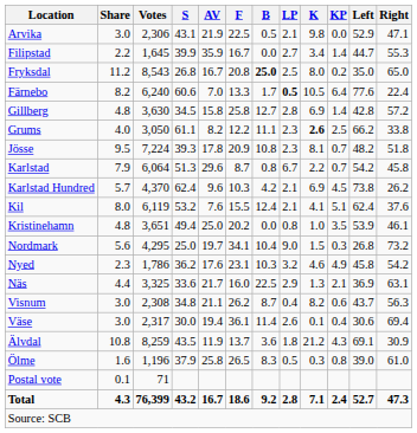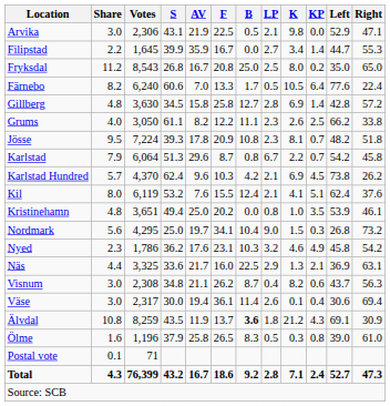 <table class="wikitable sortable" style=text-align:right>
 <tr>
 <th>Location</th>
 <th>Share</th>
 <th>Votes</th>
 <th><a href='#'>S</a></th>
 <th><a href='#'>AV</a></th>
 <th><a href='#'>F</a></th>
 <th><a href='#'>B</a></th>
 <th><a href='#'>LP</a></th>
 <th><a href='#'>K</a></th>
 <th><a href='#'>KP</a></th>
 <th>Left</th>
 <th>Right</th>
 </tr>
 <tr>
 <td align=left><a href='#'>Arvika</a></td>
 <td>3.0</td>
 <td>2,306</td>
 <td>43.1</td>
 <td>21.9</td>
 <td>22.5</td>
 <td>0.5</td>
 <td>2.1</td>
 <td>9.8</td>
 <td>0.0</td>
 <td>52.9</td>
 <td>47.1</td>
 </tr>
 <tr>
 <td align=left><a href='#'>Filipstad</a></td>
 <td>2.2</td>
 <td>1,645</td>
 <td>39.9</td>
 <td>35.9</td>
 <td>16.7</td>
 <td>0.0</td>
 <td>2.7</td>
 <td>3.4</td>
 <td>1.4</td>
 <td>44.7</td>
 <td>55.3</td>
 </tr>
 <tr>
 <td align=left><a href='#'>Fryksdal</a></td>
 <td>11.2</td>
 <td>8,543</td>
 <td>26.8</td>
 <td>16.7</td>
 <td>20.8</td>
-<td><strong>25.0</strong></td>
+<td>25.0</td>
 <td>2.5</td>
 <td>8.0</td>
 <td>0.2</td>
 <td>35.0</td>
 <td>65.0</td>
 </tr>
 <tr>
 <td align=left><a href='#'>Färnebo</a></td>
 <td>8.2</td>
 <td>6,240</td>
 <td>60.6</td>
 <td>7.0</td>
 <td>13.3</td>
 <td>1.7</td>
-<td><strong>0.5</strong></td>
+<td>0.5</td>
 <td>10.5</td>
 <td>6.4</td>
 <td>77.6</td>
 <td>22.4</td>
 </tr>
 <tr>
 <td align=left><a href='#'>Gillberg</a></td>
 <td>4.8</td>
 <td>3,630</td>
 <td>34.5</td>
 <td>15.8</td>
 <td>25.8</td>
 <td>12.7</td>
 <td>2.8</td>
 <td>6.9</td>
 <td>1.4</td>
 <td>42.8</td>
 <td>57.2</td>
 </tr>
 <tr>
 <td align=left><a href='#'>Grums</a></td>
 <td>4.0</td>
 <td>3,050</td>
 <td>61.1</td>
 <td>8.2</td>
 <td>12.2</td>
 <td>11.1</td>
 <td>2.3</td>
-<td><strong>2.6</strong></td>
+<td>2.6</td>
 <td>2.5</td>
 <td>66.2</td>
 <td>33.8</td>
 </tr>
 <tr>
 <td align=left><a href='#'>Jösse</a></td>
 <td>9.5</td>
 <td>7,224</td>
 <td>39.3</td>
 <td>17.8</td>
 <td>20.9</td>
 <td>10.8</td>
 <td>2.3</td>
 <td>8.1</td>
 <td>0.7</td>
 <td>48.2</td>
 <td>51.8</td>
 </tr>
 <tr>
 <td align=left><a href='#'>Karlstad</a></td>
 <td>7.9</td>
 <td>6,064</td>
 <td>51.3</td>
 <td>29.6</td>
 <td>8.7</td>
 <td>0.8</td>
 <td>6.7</td>
 <td>2.2</td>
 <td>0.7</td>
 <td>54.2</td>
 <td>45.8</td>
 </tr>
 <tr>
 <td align=left><a href='#'>Karlstad Hundred</a></td>
 <td>5.7</td>
 <td>4,370</td>
 <td>62.4</td>
 <td>9.6</td>
 <td>10.3</td>
 <td>4.2</td>
 <td>2.1</td>
 <td>6.9</td>
 <td>4.5</td>
 <td>73.8</td>
 <td>26.2</td>
 </tr>
 <tr>
 <td align=left><a href='#'>Kil</a></td>
 <td>8.0</td>
 <td>6,119</td>
 <td>53.2</td>
 <td>7.6</td>
 <td>15.5</td>
 <td>12.4</td>
 <td>2.1</td>
 <td>4.1</td>
 <td>5.1</td>
 <td>62.4</td>
 <td>37.6</td>
 </tr>
 <tr>
 <td align=left><a href='#'>Kristinehamn</a></td>
 <td>4.8</td>
 <td>3,651</td>
 <td>49.4</td>
 <td>25.0</td>
 <td>20.2</td>
 <td>0.0</td>
 <td>0.8</td>
 <td>1.0</td>
 <td>3.5</td>
 <td>53.9</td>
 <td>46.1</td>
 </tr>
 <tr>
 <td align=left><a href='#'>Nordmark</a></td>
 <td>5.6</td>
 <td>4,295</td>
 <td>25.0</td>
 <td>19.7</td>
 <td>34.1</td>
 <td>10.4</td>
 <td>9.0</td>
 <td>1.5</td>
 <td>0.3</td>
 <td>26.8</td>
 <td>73.2</td>
 </tr>
 <tr>
 <td align=left><a href='#'>Nyed</a></td>
 <td>2.3</td>
 <td>1,786</td>
 <td>36.2</td>
 <td>17.6</td>
 <td>23.1</td>
 <td>10.3</td>
 <td>3.2</td>
 <td>4.6</td>
 <td>4.9</td>
 <td>45.8</td>
 <td>54.2</td>
 </tr>
 <tr>
 <td align=left><a href='#'>Näs</a></td>
 <td>4.4</td>
 <td>3,325</td>
 <td>33.6</td>
 <td>21.7</td>
 <td>16.0</td>
 <td>22.5</td>
 <td>2.9</td>
 <td>1.3</td>
 <td>2.1</td>
 <td>36.9</td>
 <td>63.1</td>
 </tr>
 <tr>
 <td align=left><a href='#'>Visnum</a></td>
 <td>3.0</td>
 <td>2,308</td>
 <td>34.8</td>
 <td>21.1</td>
 <td>26.2</td>
 <td>8.7</td>
 <td>0.4</td>
 <td>8.2</td>
 <td>0.6</td>
 <td>43.7</td>
 <td>56.3</td>
 </tr>
 <tr>
 <td align=left><a href='#'>Väse</a></td>
 <td>3.0</td>
 <td>2,317</td>
 <td>30.0</td>
 <td>19.4</td>
 <td>36.1</td>
 <td>11.4</td>
 <td>2.6</td>
 <td>0.1</td>
 <td>0.4</td>
 <td>30.6</td>
 <td>69.4</td>
 </tr>
 <tr>
 <td align=left><a href='#'>Älvdal</a></td>
 <td>10.8</td>
 <td>8,259</td>
 <td>43.5</td>
 <td>11.9</td>
 <td>13.7</td>
-<td>3.6</td>
+<td><strong>3.6</strong></td>
 <td>1.8</td>
 <td>21.2</td>
 <td>4.3</td>
 <td>69.1</td>
 <td>30.9</td>
 </tr>
 <tr>
 <td align=left><a href='#'>Ölme</a></td>
 <td>1.6</td>
 <td>1,196</td>
 <td>37.9</td>
 <td>25.8</td>
 <td>26.5</td>
 <td>8.3</td>
 <td>0.5</td>
 <td>0.3</td>
 <td>0.8</td>
 <td>39.0</td>
 <td>61.0</td>
 </tr>
 <tr>
 <td align=left><a href='#'>Postal vote</a></td>
 <td>0.1</td>
 <td>71</td>
 <td></td>
 <td></td>
 <td></td>
 <td></td>
 <td></td>
 <td></td>
 <td></td>
 <td></td>
 <td></td>
 </tr>
 <tr>
 <td align=left><strong>Total</strong></td>
 <td><strong>4.3</strong></td>
 <td><strong>76,399</strong></td>
 <td><strong>43.2</strong></td>
 <td><strong>16.7</strong></td>
 <td><strong>18.6</strong></td>
 <td><strong>9.2</strong></td>
 <td><strong>2.8</strong></td>
 <td><strong>7.1</strong></td>
 <td><strong>2.4</strong></td>
 <td><strong>52.7</strong></td>
 <td><strong>47.3</strong></td>
 </tr>
 <tr>
 <td align=left colspan=12>Source: SCB </td>
 </tr>
 </table>
